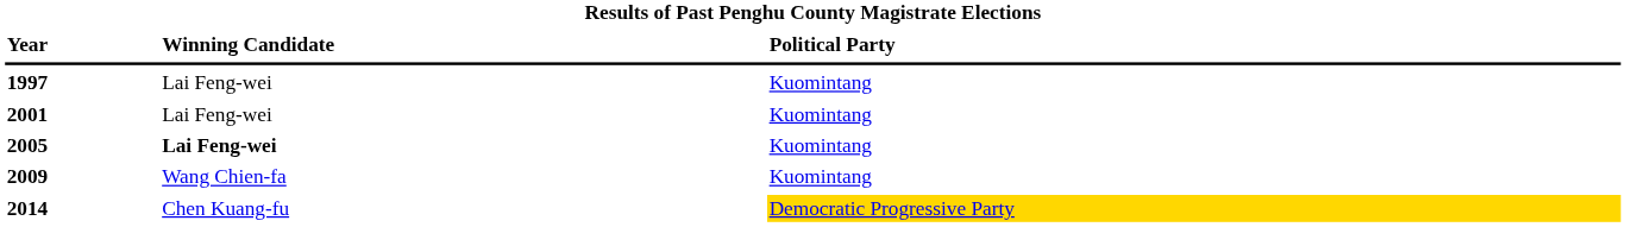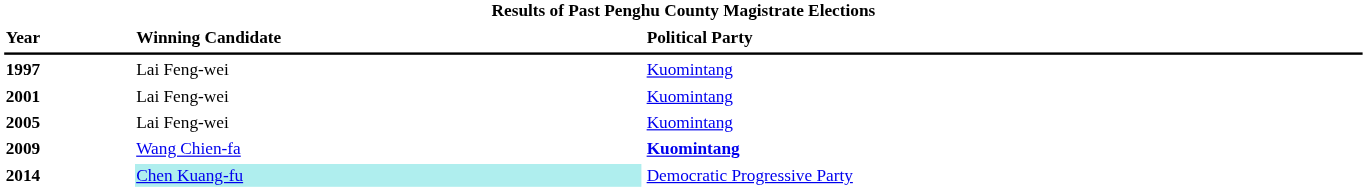 <table id="toc" style="margin:1em auto; width: 90%; font-size: 90%;" cellspacing="3">
 <tr>
 <td colspan="3" align="center"><strong>Results of Past Penghu County Magistrate Elections</strong></td>
 </tr>
 <tr>
 <td><strong>Year</strong></td>
 <td><strong> Winning Candidate</strong></td>
 <td><strong>Political Party</strong></td>
 </tr>
 <tr>
 <th bgcolor="#000000" colspan="5"></th>
 </tr>
 <tr>
 <td><strong>1997</strong></td>
 <td>Lai Feng-wei</td>
 <td> <a href='#'>Kuomintang</a></td>
 </tr>
 <tr>
 <td><strong>2001</strong></td>
 <td>Lai Feng-wei</td>
 <td> <a href='#'>Kuomintang</a></td>
 </tr>
 <tr>
 <td><strong>2005</strong></td>
-<td><strong>Lai Feng-wei</strong></td>
+<td>Lai Feng-wei</td>
 <td> <a href='#'>Kuomintang</a></td>
 </tr>
 <tr>
 <td><strong>2009</strong></td>
 <td><a href='#'>Wang Chien-fa</a></td>
-<td> <a href='#'>Kuomintang</a></td>
+<td><strong> <a href='#'>Kuomintang</a></strong></td>
 </tr>
 <tr>
 <td><strong>2014</strong></td>
-<td><a href='#'>Chen Kuang-fu</a></td>
-<td style="background: gold;"> <a href='#'>Democratic Progressive Party</a></td>
+<td style="background: paleturquoise;"><a href='#'>Chen Kuang-fu</a></td>
+<td> <a href='#'>Democratic Progressive Party</a></td>
 </tr>
 </table>
